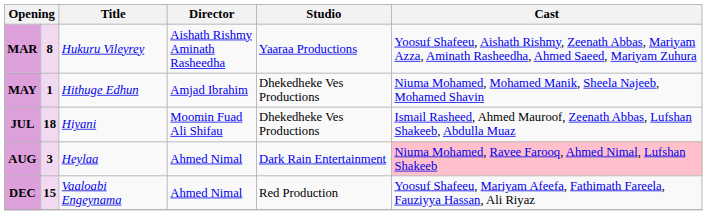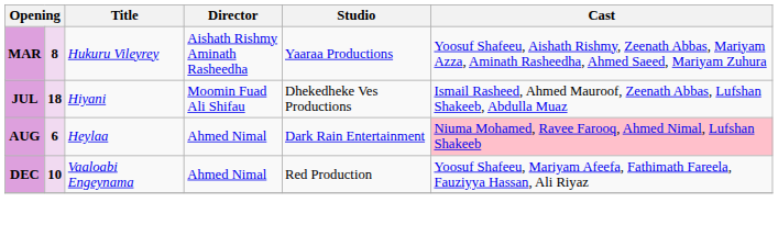 <table class="wikitable plainrowheaders" width="100%">
 <tr>
 <th scope="col" colspan="2" width=4%>Opening</th>
 <th scope="col" width=16%>Title</th>
 <th scope="col" width=13%>Director</th>
 <th scope="col" width=20%>Studio</th>
 <th scope="col" width=50%>Cast</th>
 </tr>
 <tr>
 <td style="text-align:center; background:plum; textcolor:#000;"><strong>MAR</strong></td>
 <td style="text-align:center; background:#f1daf1;"><strong>8</strong></td>
 <td><em><a href='#'>Hukuru Vileyrey</a></em></td>
 <td><a href='#'>Aishath Rishmy</a><br><a href='#'>Aminath Rasheedha</a></td>
 <td><a href='#'>Yaaraa Productions</a></td>
 <td><a href='#'>Yoosuf Shafeeu</a>, <a href='#'>Aishath Rishmy</a>, <a href='#'>Zeenath Abbas</a>, <a href='#'>Mariyam Azza</a>, <a href='#'>Aminath Rasheedha</a>, <a href='#'>Ahmed Saeed</a>, <a href='#'>Mariyam Zuhura</a></td>
 </tr>
 <tr>
-<td style="text-align:center; background:plum; textcolor:#000;"><strong>MAY</strong></td>
-<td style="text-align:center; background:#f1daf1;"><strong>1</strong></td>
-<td><em><a href='#'>Hithuge Edhun</a></em></td>
-<td><a href='#'>Amjad Ibrahim</a></td>
-<td>Dhekedheke Ves Productions</td>
-<td><a href='#'>Niuma Mohamed</a>, <a href='#'>Mohamed Manik</a>, <a href='#'>Sheela Najeeb</a>, <a href='#'>Mohamed Shavin</a></td>
-</tr>
-<tr>
 <td style="text-align:center; background:plum; textcolor:#000;"><strong>JUL</strong></td>
 <td style="text-align:center; background:#f1daf1;"><strong>18</strong></td>
 <td><em><a href='#'>Hiyani</a></em></td>
 <td><a href='#'>Moomin Fuad</a><br><a href='#'>Ali Shifau</a></td>
 <td>Dhekedheke Ves Productions</td>
 <td><a href='#'>Ismail Rasheed</a>, Ahmed Mauroof, <a href='#'>Zeenath Abbas</a>, <a href='#'>Lufshan Shakeeb</a>, <a href='#'>Abdulla Muaz</a></td>
 </tr>
 <tr>
 <td style="text-align:center; background:plum; textcolor:#000;"><strong>AUG</strong></td>
-<td style="text-align:center; background:#f1daf1;"><strong>3</strong></td>
+<td style="text-align:center; background:#f1daf1;"><strong>6</strong></td>
 <td><em><a href='#'>Heylaa</a></em></td>
 <td><a href='#'>Ahmed Nimal</a></td>
 <td><a href='#'>Dark Rain Entertainment</a></td>
 <td style="background: pink;"><a href='#'>Niuma Mohamed</a>, <a href='#'>Ravee Farooq</a>, <a href='#'>Ahmed Nimal</a>, <a href='#'>Lufshan Shakeeb</a></td>
 </tr>
 <tr>
 <td style="text-align:center; background:plum; textcolor:#000;"><strong>DEC</strong></td>
-<td style="text-align:center; background:#f1daf1;"><strong>15</strong></td>
+<td style="text-align:center; background:#f1daf1;"><strong>10</strong></td>
 <td><em><a href='#'>Vaaloabi Engeynama</a></em></td>
 <td><a href='#'>Ahmed Nimal</a></td>
 <td>Red Production</td>
 <td><a href='#'>Yoosuf Shafeeu</a>, <a href='#'>Mariyam Afeefa</a>, <a href='#'>Fathimath Fareela</a>, <a href='#'>Fauziyya Hassan</a>, Ali Riyaz</td>
 </tr>
 <tr>
 </tr>
 </table>
